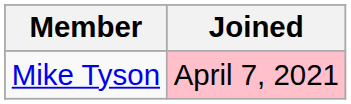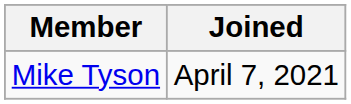 <table class="wikitable sortable">
 <tr>
 <th>Member</th>
 <th>Joined</th>
 </tr>
 <tr>
 <td><a href='#'>Mike Tyson</a></td>
-<td style="background: pink;">April 7, 2021</td>
+<td>April 7, 2021</td>
 </tr>
 </table>
